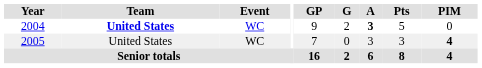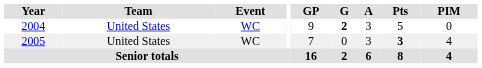 <table border="0" cellpadding="1" cellspacing="0" ID="Table3" style="text-align:center; width:40em">
 <tr bgcolor="#e0e0e0">
 <th>Year</th>
 <th>Team</th>
 <th>Event</th>
 <th rowspan="102" bgcolor="#ffffff"></th>
 <th>GP</th>
 <th>G</th>
 <th>A</th>
 <th>Pts</th>
 <th>PIM</th>
 </tr>
 <tr>
 <td><a href='#'>2004</a></td>
-<td><strong><a href='#'>United States</a></strong></td>
+<td><a href='#'>United States</a></td>
 <td><a href='#'>WC</a></td>
 <td>9</td>
-<td>2</td>
-<td><strong>3</strong></td>
+<td><strong>2</strong></td>
+<td>3</td>
 <td>5</td>
 <td>0</td>
 </tr>
 <tr bgcolor="#f0f0f0">
 <td><a href='#'>2005</a></td>
 <td>United States</td>
 <td>WC</td>
 <td>7</td>
 <td>0</td>
 <td>3</td>
-<td>3</td>
-<td><strong>4</strong></td>
+<td><strong>3</strong></td>
+<td>4</td>
 </tr>
 <tr bgcolor="#e0e0e0">
 <th colspan="4">Senior totals</th>
 <th>16</th>
 <th>2</th>
 <th>6</th>
 <th>8</th>
 <th>4</th>
 </tr>
 </table>
